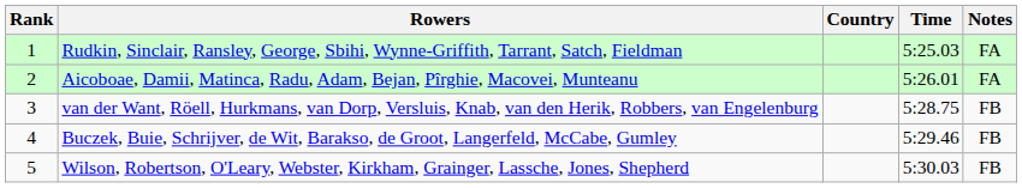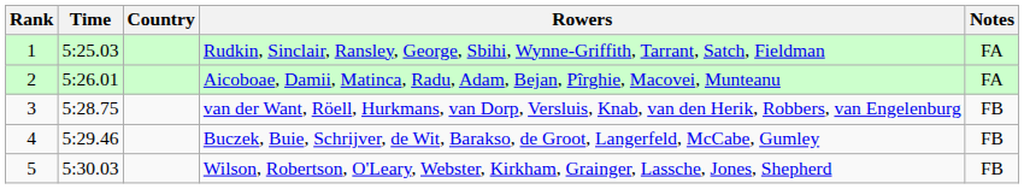 <table class="wikitable" style="text-align:center">
 <tr>
 <th>Rank</th>
+<th>Time</th>
+<th>Country</th>
 <th>Rowers</th>
-<th>Country</th>
-<th>Time</th>
 <th>Notes</th>
 </tr>
 <tr bgcolor=ccffcc>
 <td>1</td>
+<td>5:25.03</td>
+<td align="left"></td>
 <td align="left"><a href='#'>Rudkin</a>, <a href='#'>Sinclair</a>, <a href='#'>Ransley</a>, <a href='#'>George</a>, <a href='#'>Sbihi</a>, <a href='#'>Wynne-Griffith</a>, <a href='#'>Tarrant</a>, <a href='#'>Satch</a>, <a href='#'>Fieldman</a></td>
-<td align="left"></td>
-<td>5:25.03</td>
 <td>FA</td>
 </tr>
 <tr bgcolor=ccffcc>
 <td>2</td>
+<td>5:26.01</td>
+<td align="left"></td>
 <td align="left"><a href='#'>Aicoboae</a>, <a href='#'>Damii</a>, <a href='#'>Matinca</a>, <a href='#'>Radu</a>, <a href='#'>Adam</a>, <a href='#'>Bejan</a>, <a href='#'>Pîrghie</a>, <a href='#'>Macovei</a>, <a href='#'>Munteanu</a></td>
-<td align="left"></td>
-<td>5:26.01</td>
 <td>FA</td>
 </tr>
 <tr>
 <td>3</td>
+<td>5:28.75</td>
+<td align="left"></td>
 <td align="left"><a href='#'>van der Want</a>, <a href='#'>Röell</a>, <a href='#'>Hurkmans</a>, <a href='#'>van Dorp</a>, <a href='#'>Versluis</a>, <a href='#'>Knab</a>, <a href='#'>van den Herik</a>, <a href='#'>Robbers</a>, <a href='#'>van Engelenburg</a></td>
-<td align="left"></td>
-<td>5:28.75</td>
 <td>FB</td>
 </tr>
 <tr>
 <td>4</td>
+<td>5:29.46</td>
+<td align="left"></td>
 <td align="left"><a href='#'>Buczek</a>, <a href='#'>Buie</a>, <a href='#'>Schrijver</a>, <a href='#'>de Wit</a>, <a href='#'>Barakso</a>, <a href='#'>de Groot</a>, <a href='#'>Langerfeld</a>, <a href='#'>McCabe</a>, <a href='#'>Gumley</a></td>
-<td align="left"></td>
-<td>5:29.46</td>
 <td>FB</td>
 </tr>
 <tr>
 <td>5</td>
+<td>5:30.03</td>
+<td align="left"></td>
 <td align="left"><a href='#'>Wilson</a>, <a href='#'>Robertson</a>, <a href='#'>O'Leary</a>, <a href='#'>Webster</a>, <a href='#'>Kirkham</a>, <a href='#'>Grainger</a>, <a href='#'>Lassche</a>, <a href='#'>Jones</a>, <a href='#'>Shepherd</a></td>
-<td align="left"></td>
-<td>5:30.03</td>
 <td>FB</td>
 </tr>
 </table>
